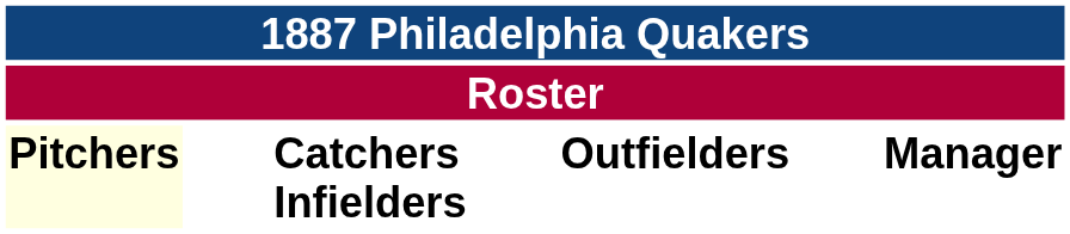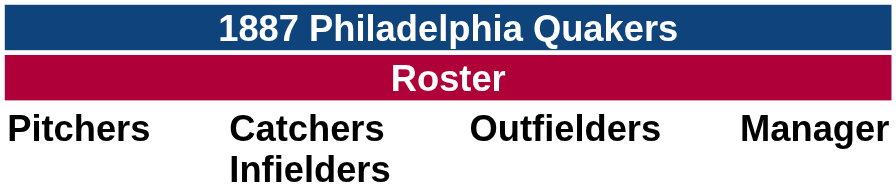 <table class="toccolours" style="font-size: 95%;">
 <tr>
 <th colspan="10" style="background-color: #0f437c; color: white; text-align: center;">1887 Philadelphia Quakers</th>
 </tr>
 <tr>
 <td colspan="10" style="background-color: #af0039; color: white; text-align: center;"><strong>Roster</strong></td>
 </tr>
 <tr>
-<td valign="top" style="background: lightyellow;"><strong>Pitchers</strong><br>   </td>
+<td valign="top"><strong>Pitchers</strong><br>   </td>
 <td width="25px"></td>
 <td valign="top"><strong>Catchers</strong><br>    <strong>Infielders</strong>     </td>
 <td width="25px"></td>
 <td valign="top"><strong>Outfielders</strong><br>      </td>
 <td width="25px"></td>
 <td valign="top"><strong>Manager</strong><br></td>
 </tr>
 </table>
